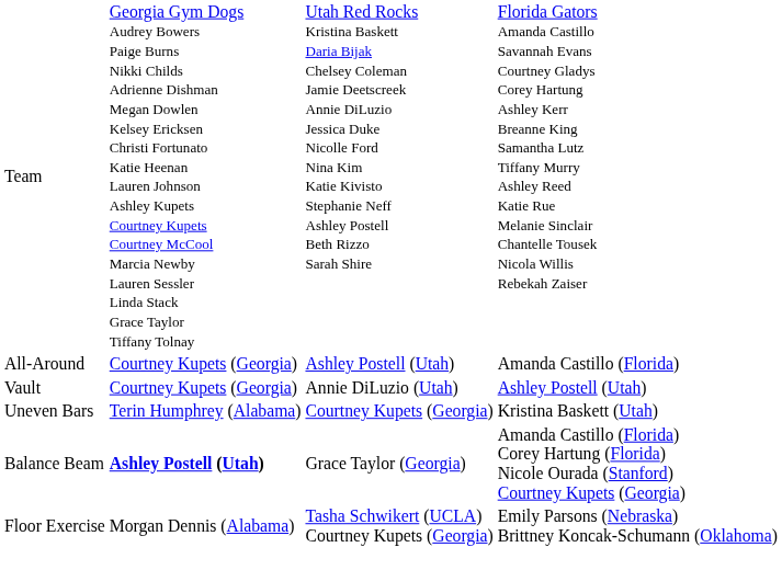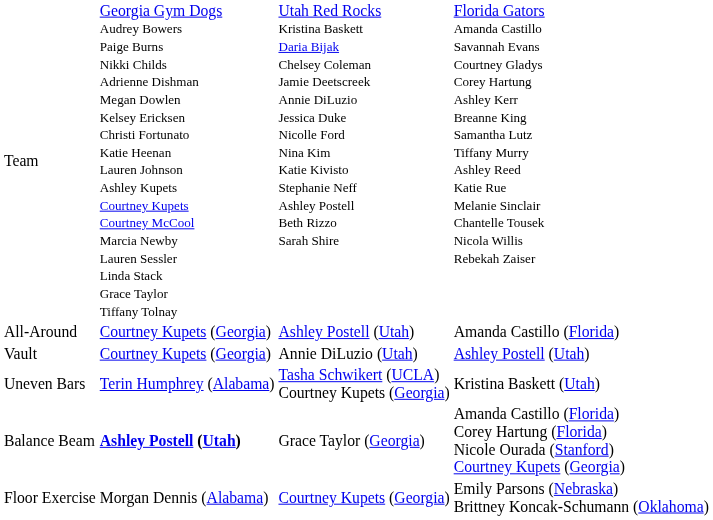 <table>
 <tr>
 <td>Team<br></td>
 <td><a href='#'>Georgia Gym Dogs</a><br><small>Audrey Bowers<br>Paige Burns<br>Nikki Childs<br>Adrienne Dishman<br>Megan Dowlen<br>Kelsey Ericksen<br>Christi Fortunato<br>Katie Heenan<br>Lauren Johnson<br>Ashley Kupets<br><a href='#'>Courtney Kupets</a><br><a href='#'>Courtney McCool</a><br>Marcia Newby<br>Lauren Sessler<br>Linda Stack<br>Grace Taylor<br>Tiffany Tolnay</small></td>
 <td><a href='#'>Utah Red Rocks</a><br><small>Kristina Baskett<br><a href='#'>Daria Bijak</a><br>Chelsey Coleman<br>Jamie Deetscreek<br>Annie DiLuzio<br>Jessica Duke<br>Nicolle Ford<br>Nina Kim<br>Katie Kivisto<br>Stephanie Neff<br>Ashley Postell<br>Beth Rizzo<br>Sarah Shire<br><br><br><br><br></small></td>
 <td><a href='#'>Florida Gators</a><br><small>Amanda Castillo<br>Savannah Evans<br>Courtney Gladys<br>Corey Hartung<br>Ashley Kerr<br>Breanne King<br>Samantha Lutz<br>Tiffany Murry<br>Ashley Reed<br>Katie Rue<br>Melanie Sinclair<br>Chantelle Tousek<br>Nicola Willis<br>Rebekah Zaiser<br><br><br><br></small></td>
 </tr>
 <tr>
 <td>All-Around<br></td>
 <td><a href='#'>Courtney Kupets</a> (<a href='#'>Georgia</a>)</td>
 <td><a href='#'>Ashley Postell</a> (<a href='#'>Utah</a>)</td>
 <td>Amanda Castillo (<a href='#'>Florida</a>)</td>
 </tr>
 <tr>
 <td>Vault<br></td>
 <td><a href='#'>Courtney Kupets</a> (<a href='#'>Georgia</a>)</td>
 <td>Annie DiLuzio (<a href='#'>Utah</a>)</td>
 <td><a href='#'>Ashley Postell</a> (<a href='#'>Utah</a>)</td>
 </tr>
 <tr>
 <td>Uneven Bars<br></td>
 <td><a href='#'>Terin Humphrey</a> (<a href='#'>Alabama</a>)</td>
-<td><a href='#'>Courtney Kupets</a> (<a href='#'>Georgia</a>)</td>
+<td><a href='#'>Tasha Schwikert</a> (<a href='#'>UCLA</a>)<br>Courtney Kupets (<a href='#'>Georgia</a>)</td>
 <td>Kristina Baskett (<a href='#'>Utah</a>)</td>
 </tr>
 <tr>
 <td>Balance Beam<br></td>
 <td><strong><a href='#'>Ashley Postell</a> (<a href='#'>Utah</a>)</strong></td>
 <td>Grace Taylor (<a href='#'>Georgia</a>)</td>
 <td>Amanda Castillo (<a href='#'>Florida</a>)<br>Corey Hartung (<a href='#'>Florida</a>)<br>Nicole Ourada (<a href='#'>Stanford</a>)<br><a href='#'>Courtney Kupets</a> (<a href='#'>Georgia</a>)</td>
 </tr>
 <tr>
 <td>Floor Exercise<br></td>
 <td>Morgan Dennis (<a href='#'>Alabama</a>)</td>
-<td><a href='#'>Tasha Schwikert</a> (<a href='#'>UCLA</a>)<br>Courtney Kupets (<a href='#'>Georgia</a>)</td>
+<td><a href='#'>Courtney Kupets</a> (<a href='#'>Georgia</a>)</td>
 <td>Emily Parsons (<a href='#'>Nebraska</a>)<br>Brittney Koncak-Schumann (<a href='#'>Oklahoma</a>)</td>
 </tr>
 </table>
